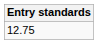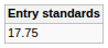 <table class="wikitable" border="1" align="upright">
 <tr>
 <th>Entry standards</th>
 </tr>
 <tr>
-<td>12.75</td>
+<td>17.75</td>
 </tr>
 </table>
